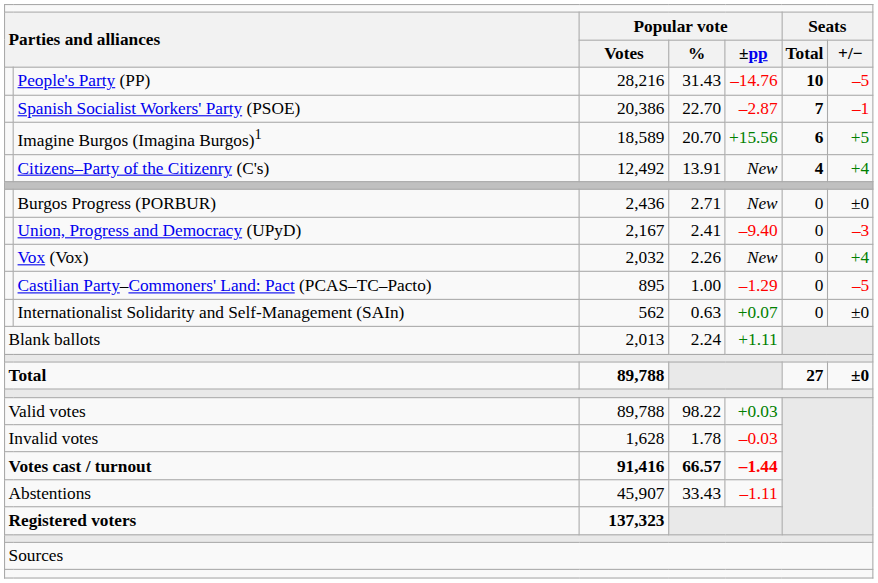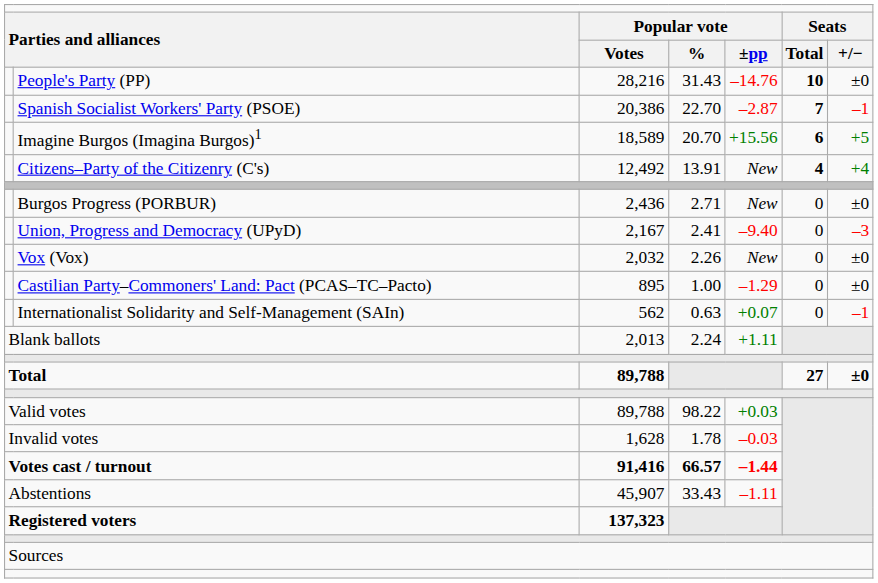 <table class="wikitable" style="text-align:right;">
 <tr>
 <td colspan="7"></td>
 </tr>
 <tr>
 <th style="text-align:left;" rowspan="2" colspan="2" width="525">Parties and alliances</th>
 <th colspan="3">Popular vote</th>
 <th colspan="2">Seats</th>
 </tr>
 <tr>
 <th width="75">Votes</th>
 <th width="45">%</th>
 <th width="45">±<a href='#'>pp</a></th>
 <th width="35">Total</th>
 <th width="35">+/−</th>
 </tr>
 <tr>
 <td width="1" style="color:inherit;background:"></td>
 <td align="left"><a href='#'>People's Party</a> (PP)</td>
 <td>28,216</td>
 <td>31.43</td>
 <td style="color:red;">–14.76</td>
 <td><strong>10</strong></td>
-<td style="color:red;">–5</td>
+<td>±0</td>
 </tr>
 <tr>
 <td style="color:inherit;background:"></td>
 <td align="left"><a href='#'>Spanish Socialist Workers' Party</a> (PSOE)</td>
 <td>20,386</td>
 <td>22.70</td>
 <td style="color:red;">–2.87</td>
 <td><strong>7</strong></td>
 <td style="color:red;">–1</td>
 </tr>
 <tr>
 <td style="color:inherit;background:"></td>
 <td align="left">Imagine Burgos (Imagina Burgos)<sup>1</sup></td>
 <td>18,589</td>
 <td>20.70</td>
 <td style="color:green;">+15.56</td>
 <td><strong>6</strong></td>
 <td style="color:green;">+5</td>
 </tr>
 <tr>
 <td style="color:inherit;background:"></td>
 <td align="left"><a href='#'>Citizens–Party of the Citizenry</a> (C's)</td>
 <td>12,492</td>
 <td>13.91</td>
 <td><em>New</em></td>
 <td><strong>4</strong></td>
 <td style="color:green;">+4</td>
 </tr>
 <tr>
 <td colspan="7" bgcolor="#C0C0C0"></td>
 </tr>
 <tr>
 <td style="color:inherit;background:"></td>
 <td align="left">Burgos Progress (PORBUR)</td>
 <td>2,436</td>
 <td>2.71</td>
 <td><em>New</em></td>
 <td>0</td>
 <td>±0</td>
 </tr>
 <tr>
 <td style="color:inherit;background:"></td>
 <td align="left"><a href='#'>Union, Progress and Democracy</a> (UPyD)</td>
 <td>2,167</td>
 <td>2.41</td>
 <td style="color:red;">–9.40</td>
 <td>0</td>
 <td style="color:red;">–3</td>
 </tr>
 <tr>
 <td style="color:inherit;background:"></td>
 <td align="left"><a href='#'>Vox</a> (Vox)</td>
 <td>2,032</td>
 <td>2.26</td>
 <td><em>New</em></td>
 <td>0</td>
-<td style="color:green;">+4</td>
+<td>±0</td>
 </tr>
 <tr>
 <td style="color:inherit;background:"></td>
 <td align="left"><a href='#'>Castilian Party</a>–<a href='#'>Commoners' Land: Pact</a> (PCAS–TC–Pacto)</td>
 <td>895</td>
 <td>1.00</td>
 <td style="color:red;">–1.29</td>
 <td>0</td>
-<td style="color:red;">–5</td>
+<td>±0</td>
 </tr>
 <tr>
 <td style="color:inherit;background:"></td>
 <td align="left">Internationalist Solidarity and Self-Management (SAIn)</td>
 <td>562</td>
 <td>0.63</td>
 <td style="color:green;">+0.07</td>
 <td>0</td>
-<td>±0</td>
+<td style="color:red;">–1</td>
 </tr>
 <tr>
 <td align="left" colspan="2">Blank ballots</td>
 <td>2,013</td>
 <td>2.24</td>
 <td style="color:green;">+1.11</td>
 <td bgcolor="#E9E9E9" colspan="2"></td>
 </tr>
 <tr>
 <td colspan="7" bgcolor="#E9E9E9"></td>
 </tr>
 <tr style="font-weight:bold;">
 <td align="left" colspan="2">Total</td>
 <td>89,788</td>
 <td bgcolor="#E9E9E9" colspan="2"></td>
 <td>27</td>
 <td>±0</td>
 </tr>
 <tr>
 <td colspan="7" bgcolor="#E9E9E9"></td>
 </tr>
 <tr>
 <td align="left" colspan="2">Valid votes</td>
 <td>89,788</td>
 <td>98.22</td>
 <td style="color:green;">+0.03</td>
 <td bgcolor="#E9E9E9" colspan="2" rowspan="5"></td>
 </tr>
 <tr>
 <td align="left" colspan="2">Invalid votes</td>
 <td>1,628</td>
 <td>1.78</td>
 <td style="color:red;">–0.03</td>
 </tr>
 <tr style="font-weight:bold;">
 <td align="left" colspan="2">Votes cast / turnout</td>
 <td>91,416</td>
 <td>66.57</td>
 <td style="color:red;">–1.44</td>
 </tr>
 <tr>
 <td align="left" colspan="2">Abstentions</td>
 <td>45,907</td>
 <td>33.43</td>
 <td style="color:red;">–1.11</td>
 </tr>
 <tr style="font-weight:bold;">
 <td align="left" colspan="2">Registered voters</td>
 <td>137,323</td>
 <td bgcolor="#E9E9E9" colspan="2"></td>
 </tr>
 <tr>
 <td colspan="7" bgcolor="#E9E9E9"></td>
 </tr>
 <tr>
 <td align="left" colspan="7">Sources</td>
 </tr>
 <tr>
 <td colspan="7" style="text-align:left; max-width:790px;"></td>
 </tr>
 </table>
